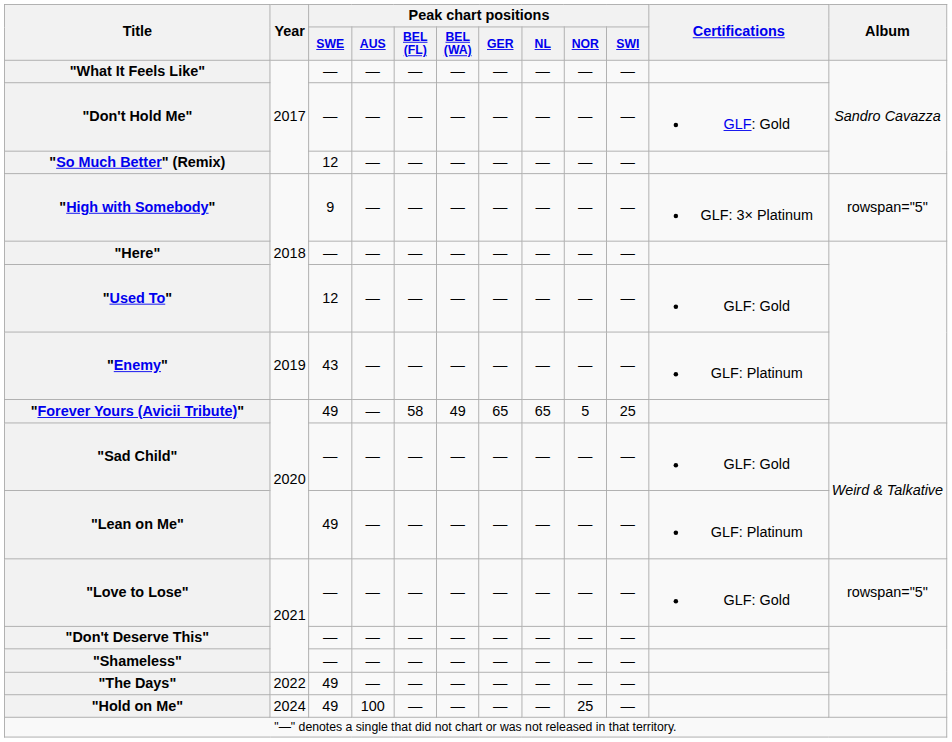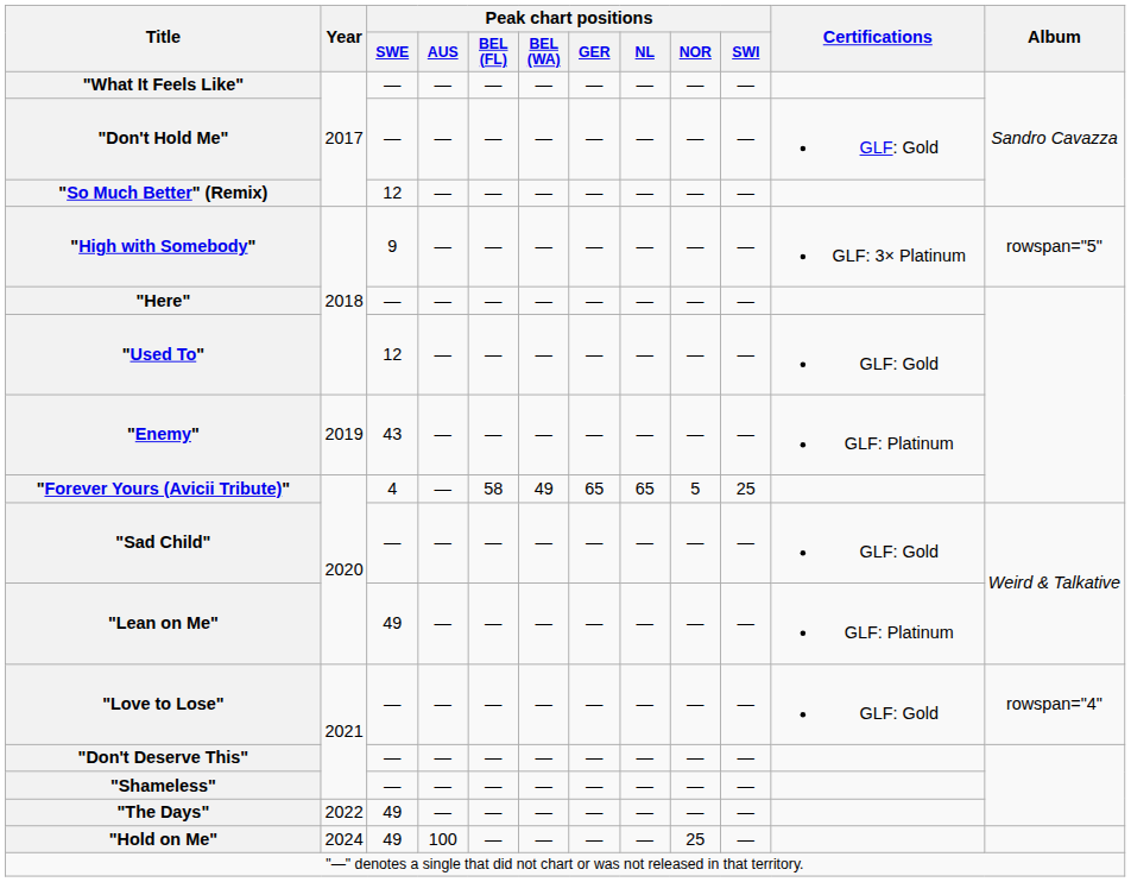 <table class="wikitable plainrowheaders" style="text-align:center;">
 <tr>
 <th scope="col" rowspan="2" style="width:18em;">Title</th>
 <th scope="col" rowspan="2" style="width:1em;">Year</th>
 <th scope="col" colspan="8">Peak chart positions</th>
 <th scope="col" rowspan="2" style="width:12em;"><a href='#'>Certifications</a></th>
 <th scope="col" rowspan="2">Album</th>
 </tr>
 <tr>
 <th scope="col" style="width:3em;font-size:85%;"><a href='#'>SWE</a><br></th>
 <th scope="col" style="width:3em;font-size:85%;"><a href='#'>AUS</a><br></th>
 <th scope="col" style="width:3em;font-size:85%;"><a href='#'>BEL<br>(FL)</a><br></th>
 <th scope="col" style="width:3em;font-size:85%;"><a href='#'>BEL<br>(WA)</a><br></th>
 <th scope="col" style="width:3em;font-size:85%;"><a href='#'>GER</a><br></th>
 <th scope="col" style="width:3em;font-size:85%;"><a href='#'>NL</a><br></th>
 <th scope="col" style="width:3em;font-size:85%;"><a href='#'>NOR</a><br></th>
 <th scope="col" style="width:3em;font-size:85%;"><a href='#'>SWI</a><br></th>
 </tr>
 <tr>
 <th scope="row">"What It Feels Like"</th>
 <td rowspan="3">2017</td>
 <td>—</td>
 <td>—</td>
 <td>—</td>
 <td>—</td>
 <td>—</td>
 <td>—</td>
 <td>—</td>
 <td>—</td>
 <td></td>
 <td rowspan="3"><em>Sandro Cavazza</em></td>
 </tr>
 <tr>
 <th scope="row">"Don't Hold Me"</th>
 <td>—</td>
 <td>—</td>
 <td>—</td>
 <td>—</td>
 <td>—</td>
 <td>—</td>
 <td>—</td>
 <td>—</td>
 <td><br><ul><li><a href='#'>GLF</a>: Gold</li></ul></td>
 </tr>
 <tr>
 <th scope="row">"<a href='#'>So Much Better</a>" (Remix)</th>
 <td>12</td>
 <td>—</td>
 <td>—</td>
 <td>—</td>
 <td>—</td>
 <td>—</td>
 <td>—</td>
 <td>—</td>
 <td></td>
 </tr>
 <tr>
 <th scope="row">"<a href='#'>High with Somebody</a>"<br></th>
 <td rowspan="3">2018</td>
 <td>9</td>
 <td>—</td>
 <td>—</td>
 <td>—</td>
 <td>—</td>
 <td>—</td>
 <td>—</td>
 <td>—</td>
 <td><br><ul><li>GLF: 3× Platinum</li></ul></td>
 <td>rowspan="5" </td>
 </tr>
 <tr>
 <th scope="row">"Here"</th>
 <td>—</td>
 <td>—</td>
 <td>—</td>
 <td>—</td>
 <td>—</td>
 <td>—</td>
 <td>—</td>
 <td>—</td>
 <td></td>
 </tr>
 <tr>
 <th scope="row">"<a href='#'>Used To</a>"<br></th>
 <td>12</td>
 <td>—</td>
 <td>—</td>
 <td>—</td>
 <td>—</td>
 <td>—</td>
 <td>—</td>
 <td>—</td>
 <td><br><ul><li>GLF: Gold</li></ul></td>
 </tr>
 <tr>
 <th scope="row">"<a href='#'>Enemy</a>"</th>
 <td>2019</td>
 <td>43</td>
 <td>—</td>
 <td>—</td>
 <td>—</td>
 <td>—</td>
 <td>—</td>
 <td>—</td>
 <td>—</td>
 <td><br><ul><li>GLF: Platinum</li></ul></td>
 </tr>
 <tr>
 <th scope="row">"<a href='#'>Forever Yours (Avicii Tribute)</a>"<br></th>
 <td rowspan="3">2020</td>
-<td>49</td>
+<td>4</td>
 <td>—</td>
 <td>58</td>
 <td>49</td>
 <td>65</td>
 <td>65</td>
 <td>5</td>
 <td>25</td>
 <td></td>
 </tr>
 <tr>
 <th scope="row">"Sad Child"<br></th>
 <td>—</td>
 <td>—</td>
 <td>—</td>
 <td>—</td>
 <td>—</td>
 <td>—</td>
 <td>—</td>
 <td>—</td>
 <td><br><ul><li>GLF: Gold</li></ul></td>
 <td rowspan="2"><em>Weird & Talkative</em></td>
 </tr>
 <tr>
 <th scope="row">"Lean on Me"</th>
 <td>49</td>
 <td>—</td>
 <td>—</td>
 <td>—</td>
 <td>—</td>
 <td>—</td>
 <td>—</td>
 <td>—</td>
 <td><br><ul><li>GLF: Platinum</li></ul></td>
 </tr>
 <tr>
 <th scope="row">"Love to Lose"<br></th>
 <td rowspan="3">2021</td>
 <td>—</td>
 <td>—</td>
 <td>—</td>
 <td>—</td>
 <td>—</td>
 <td>—</td>
 <td>—</td>
 <td>—</td>
 <td><br><ul><li>GLF: Gold</li></ul></td>
-<td>rowspan="5" </td>
+<td>rowspan="4" </td>
 </tr>
 <tr>
 <th scope="row">"Don't Deserve This"<br></th>
 <td>—</td>
 <td>—</td>
 <td>—</td>
 <td>—</td>
 <td>—</td>
 <td>—</td>
 <td>—</td>
 <td>—</td>
 <td></td>
 </tr>
 <tr>
 <th scope="row">"Shameless"</th>
 <td>—</td>
 <td>—</td>
 <td>—</td>
 <td>—</td>
 <td>—</td>
 <td>—</td>
 <td>—</td>
 <td>—</td>
 <td></td>
 </tr>
 <tr>
 <th scope="row">"The Days"</th>
 <td>2022</td>
 <td>49</td>
 <td>—</td>
 <td>—</td>
 <td>—</td>
 <td>—</td>
 <td>—</td>
 <td>—</td>
 <td>—</td>
 <td></td>
 </tr>
 <tr>
 <th scope="row">"Hold on Me"<br></th>
 <td>2024</td>
 <td>49</td>
 <td>100</td>
 <td>—</td>
 <td>—</td>
 <td>—</td>
 <td>—</td>
 <td>25</td>
 <td>—</td>
 <td></td>
 <td></td>
 </tr>
 <tr>
 <td colspan="20" style="font-size:85%">"—" denotes a single that did not chart or was not released in that territory.</td>
 </tr>
 </table>
